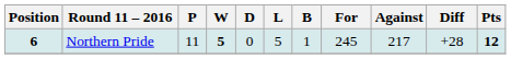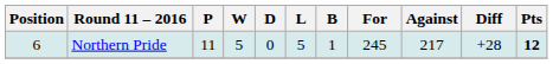 <table class="wikitable" style="text-align:center; font-size:85%;">
 <tr>
 <th width=40 abbr="Position">Position</th>
 <th width=100>Round 11 – 2016</th>
 <th width=20 abbr="Played">P</th>
 <th width=20 abbr="Won">W</th>
 <th width=20 abbr="Drawn">D</th>
 <th width=20 abbr="Lost">L</th>
 <th width=20 abbr="Bye">B</th>
 <th width=40 abbr="Points for">For</th>
 <th width=40 abbr="Points against">Against</th>
 <th width=40 abbr="Points difference">Diff</th>
 <th width=20 abbr="Points">Pts</th>
 </tr>
 <tr style="background: #d7ebed;">
-<td><strong>6</strong></td>
+<td>6</td>
 <td style="text-align:left;"> <a href='#'>Northern Pride</a></td>
 <td>11</td>
-<td><strong>5</strong></td>
+<td>5</td>
 <td>0</td>
 <td>5</td>
 <td>1</td>
 <td>245</td>
 <td>217</td>
 <td>+28</td>
 <td><strong>12</strong></td>
 </tr>
 <tr>
 </tr>
 </table>
